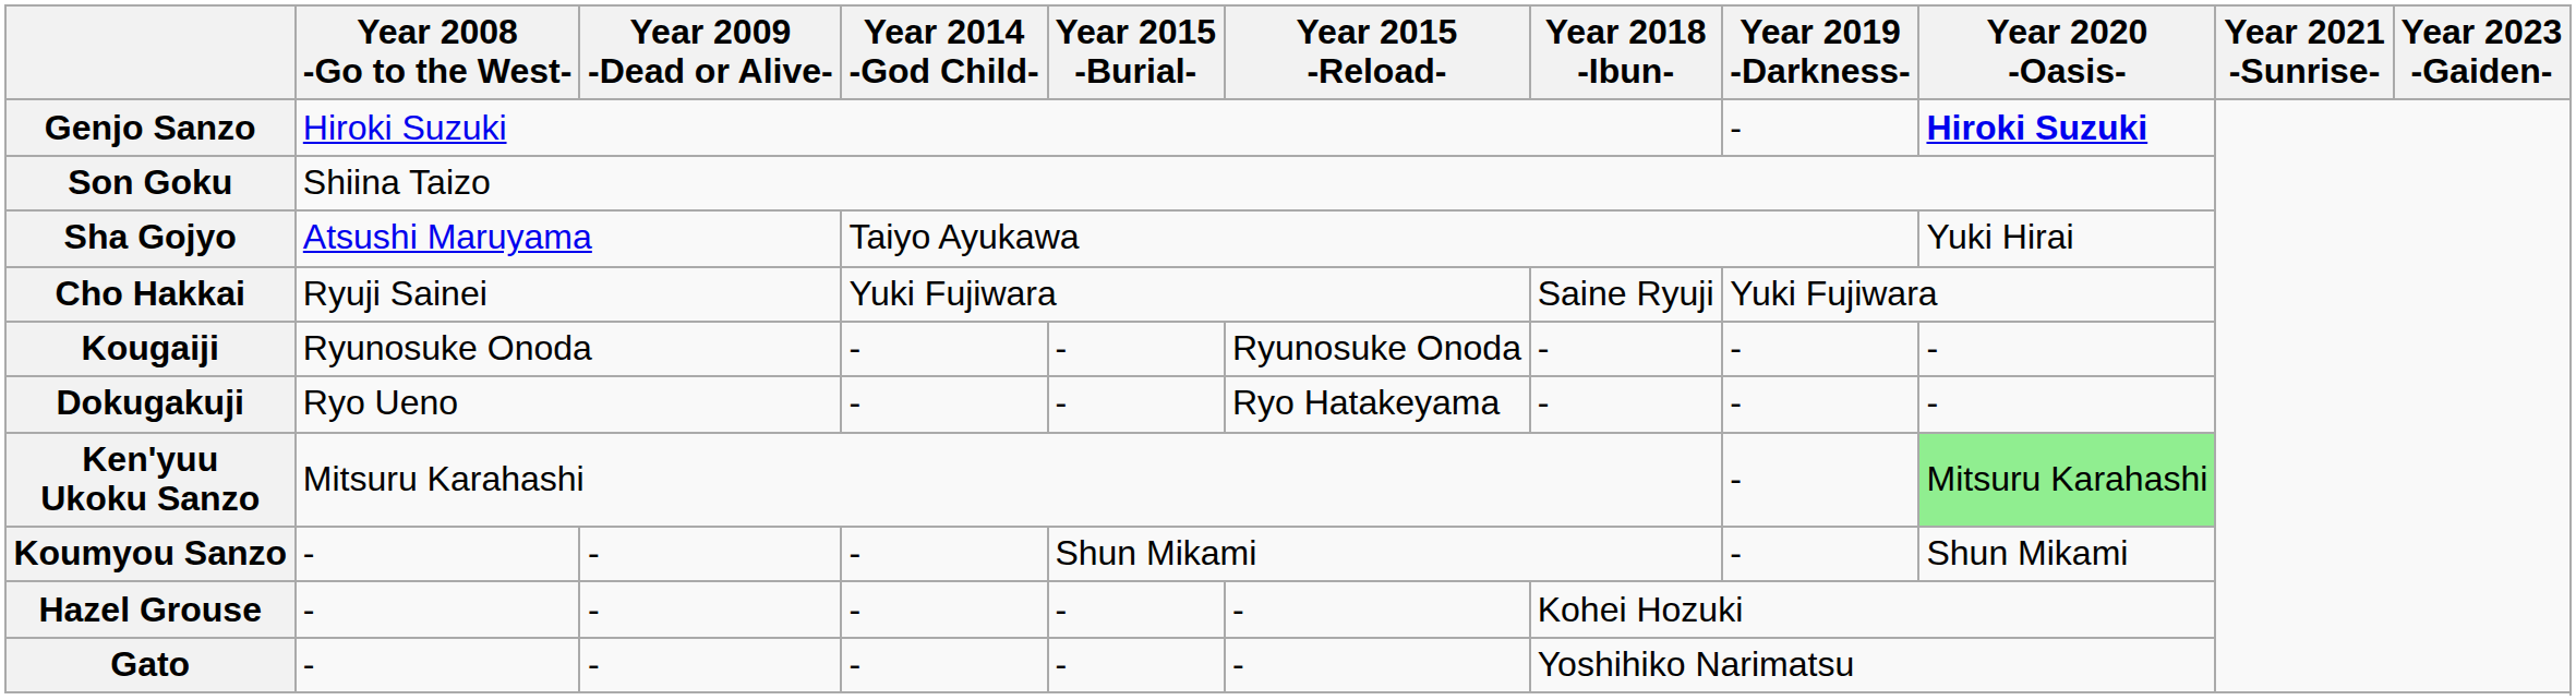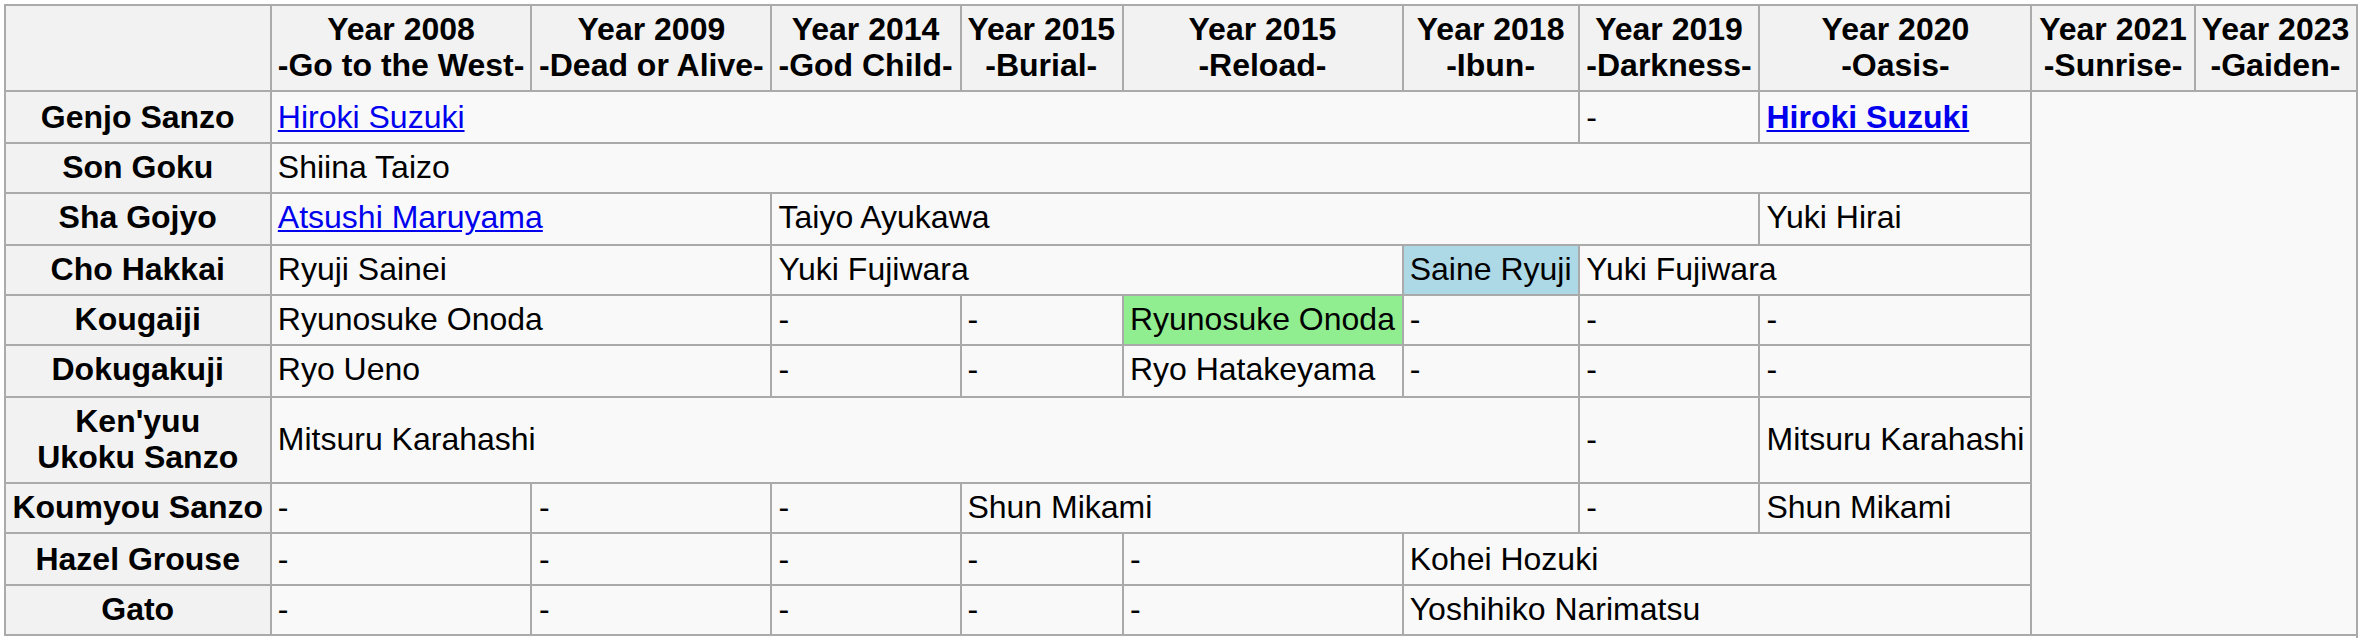 <table class="wikitable">
 <tr>
 <th> </th>
 <th>Year 2008<br>-Go to the West-</th>
 <th>Year 2009<br>-Dead or Alive-</th>
 <th>Year 2014<br>-God Child-</th>
 <th>Year 2015<br>-Burial-</th>
 <th>Year 2015<br>-Reload-</th>
 <th>Year 2018<br>-Ibun-</th>
 <th>Year 2019<br>-Darkness-</th>
 <th>Year 2020<br>-Oasis-</th>
 <th>Year 2021<br>-Sunrise-</th>
 <th>Year 2023<br>-Gaiden-</th>
 </tr>
 <tr>
 <th>Genjo Sanzo</th>
 <td colspan="6"><a href='#'>Hiroki Suzuki</a></td>
 <td>-</td>
 <td><strong><a href='#'>Hiroki Suzuki</a></strong></td>
 </tr>
 <tr>
 <th>Son Goku</th>
 <td colspan="8">Shiina Taizo</td>
 </tr>
 <tr>
 <th>Sha Gojyo</th>
 <td COLSPAN="2"><a href='#'>Atsushi Maruyama</a></td>
 <td colspan="5">Taiyo Ayukawa</td>
 <td>Yuki Hirai</td>
 </tr>
 <tr>
 <th>Cho Hakkai</th>
 <td COLSPAN="2">Ryuji Sainei</td>
 <td COLSPAN="3">Yuki Fujiwara</td>
-<td>Saine Ryuji</td>
+<td style="background: lightblue;">Saine Ryuji</td>
 <td COLSPAN="2">Yuki Fujiwara</td>
 </tr>
 <tr>
 <th>Kougaiji</th>
 <td COLSPAN="2">Ryunosuke Onoda</td>
 <td>-</td>
 <td>-</td>
-<td>Ryunosuke Onoda</td>
+<td style="background: lightgreen;">Ryunosuke Onoda</td>
 <td>-</td>
 <td>-</td>
 <td>-</td>
 </tr>
 <tr>
 <th>Dokugakuji</th>
 <td COLSPAN="2">Ryo Ueno</td>
 <td>-</td>
 <td>-</td>
 <td>Ryo Hatakeyama</td>
 <td>-</td>
 <td>-</td>
 <td>-</td>
 </tr>
 <tr>
 <th>Ken'yuu<br>Ukoku Sanzo</th>
 <td colspan="6">Mitsuru Karahashi</td>
 <td>-</td>
-<td style="background: lightgreen;">Mitsuru Karahashi</td>
+<td>Mitsuru Karahashi</td>
 </tr>
 <tr>
 <th>Koumyou Sanzo</th>
 <td>-</td>
 <td>-</td>
 <td>-</td>
 <td colspan="3">Shun Mikami</td>
 <td>-</td>
 <td>Shun Mikami</td>
 </tr>
 <tr>
 <th>Hazel Grouse</th>
 <td>-</td>
 <td>-</td>
 <td>-</td>
 <td>-</td>
 <td>-</td>
 <td colspan="3">Kohei Hozuki</td>
 </tr>
 <tr>
 <th>Gato</th>
 <td>-</td>
 <td>-</td>
 <td>-</td>
 <td>-</td>
 <td>-</td>
 <td colspan="3">Yoshihiko Narimatsu</td>
 </tr>
 <tr>
 </tr>
 </table>
